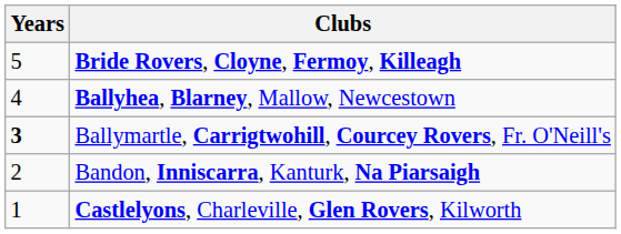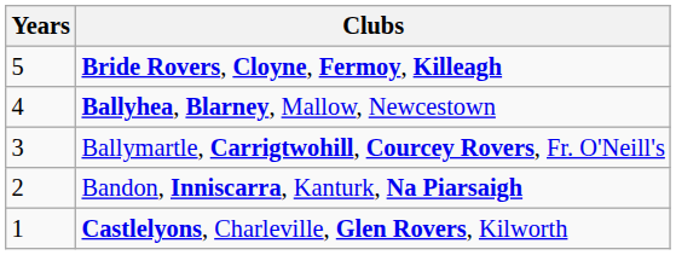 <table class="wikitable" style="font-size:95%">
 <tr>
 <th>Years</th>
 <th>Clubs</th>
 </tr>
 <tr>
 <td>5</td>
 <td><a href='#'><strong>Bride Rovers</strong></a>, <a href='#'><strong>Cloyne</strong></a>, <a href='#'><strong>Fermoy</strong></a>, <a href='#'><strong>Killeagh</strong></a></td>
 </tr>
 <tr>
 <td>4</td>
 <td><a href='#'><strong>Ballyhea</strong></a>, <a href='#'><strong>Blarney</strong></a>, <a href='#'>Mallow</a>, <a href='#'>Newcestown</a></td>
 </tr>
 <tr>
-<td><strong>3</strong></td>
+<td>3</td>
 <td><a href='#'>Ballymartle</a>, <a href='#'><strong>Carrigtwohill</strong></a>, <a href='#'><strong>Courcey Rovers</strong></a>, <a href='#'>Fr. O'Neill's</a></td>
 </tr>
 <tr>
 <td>2</td>
 <td><a href='#'>Bandon</a>, <a href='#'><strong>Inniscarra</strong></a>, <a href='#'>Kanturk</a>, <a href='#'><strong>Na Piarsaigh</strong></a></td>
 </tr>
 <tr>
 <td>1</td>
 <td><a href='#'><strong>Castlelyons</strong></a>, <a href='#'>Charleville</a>, <a href='#'><strong>Glen Rovers</strong></a>, <a href='#'>Kilworth</a></td>
 </tr>
 </table>
